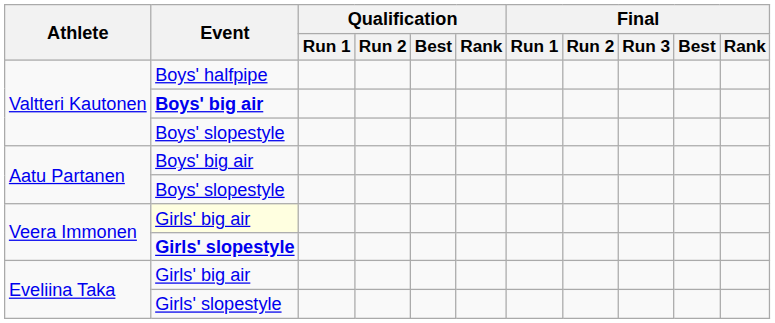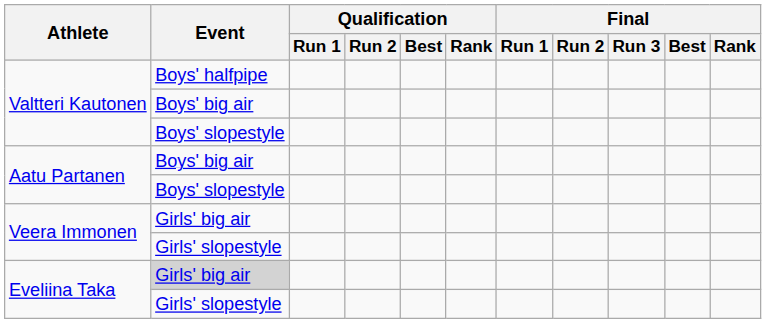 <table class="wikitable" style="font-size:90%">
 <tr>
 <th rowspan=2>Athlete</th>
 <th rowspan=2>Event</th>
 <th colspan=4>Qualification</th>
 <th colspan=5>Final</th>
 </tr>
 <tr style="font-size:95%">
 <th>Run 1</th>
 <th>Run 2</th>
 <th>Best</th>
 <th>Rank</th>
 <th>Run 1</th>
 <th>Run 2</th>
 <th>Run 3</th>
 <th>Best</th>
 <th>Rank</th>
 </tr>
 <tr align=center>
 <td align=left rowspan=3><a href='#'>Valtteri Kautonen</a></td>
 <td align=left><a href='#'>Boys' halfpipe</a></td>
 <td></td>
 <td></td>
 <td></td>
 <td></td>
 <td></td>
 <td></td>
 <td></td>
 <td></td>
 <td></td>
 </tr>
 <tr>
-<td align=left><strong><a href='#'>Boys' big air</a></strong></td>
+<td align=left><a href='#'>Boys' big air</a></td>
 <td></td>
 <td></td>
 <td></td>
 <td></td>
 <td></td>
 <td></td>
 <td></td>
 <td></td>
 <td></td>
 </tr>
 <tr>
 <td align=left><a href='#'>Boys' slopestyle</a></td>
 <td></td>
 <td></td>
 <td></td>
 <td></td>
 <td></td>
 <td></td>
 <td></td>
 <td></td>
 <td></td>
 </tr>
 <tr align=center>
 <td align=left rowspan=2><a href='#'>Aatu Partanen</a></td>
 <td align=left><a href='#'>Boys' big air</a></td>
 <td></td>
 <td></td>
 <td></td>
 <td></td>
 <td></td>
 <td></td>
 <td></td>
 <td></td>
 <td></td>
 </tr>
 <tr>
 <td align=left><a href='#'>Boys' slopestyle</a></td>
 <td></td>
 <td></td>
 <td></td>
 <td></td>
 <td></td>
 <td></td>
 <td></td>
 <td></td>
 <td></td>
 </tr>
 <tr align=center>
 <td align=left rowspan=2><a href='#'>Veera Immonen</a></td>
-<td align=left style="background: lightyellow;"><a href='#'>Girls' big air</a></td>
-<td></td>
-<td></td>
-<td></td>
-<td></td>
-<td></td>
-<td></td>
-<td></td>
-<td></td>
-<td></td>
-</tr>
-<tr>
-<td align=left><strong><a href='#'>Girls' slopestyle</a></strong></td>
-<td></td>
-<td></td>
-<td></td>
-<td></td>
-<td></td>
-<td></td>
-<td></td>
-<td></td>
-<td></td>
-</tr>
-<tr align=center>
-<td align=left rowspan=2><a href='#'>Eveliina Taka</a></td>
 <td align=left><a href='#'>Girls' big air</a></td>
 <td></td>
 <td></td>
 <td></td>
 <td></td>
 <td></td>
 <td></td>
 <td></td>
 <td></td>
 <td></td>
 </tr>
 <tr>
 <td align=left><a href='#'>Girls' slopestyle</a></td>
 <td></td>
 <td></td>
 <td></td>
 <td></td>
 <td></td>
 <td></td>
 <td></td>
 <td></td>
 <td></td>
 </tr>
+<tr align=center>
+<td align=left rowspan=2><a href='#'>Eveliina Taka</a></td>
+<td align=left style="background: lightgrey;"><a href='#'>Girls' big air</a></td>
+<td></td>
+<td></td>
+<td></td>
+<td></td>
+<td></td>
+<td></td>
+<td></td>
+<td></td>
+<td></td>
+</tr>
+<tr>
+<td align=left><a href='#'>Girls' slopestyle</a></td>
+<td></td>
+<td></td>
+<td></td>
+<td></td>
+<td></td>
+<td></td>
+<td></td>
+<td></td>
+<td></td>
+</tr>
 </table>
